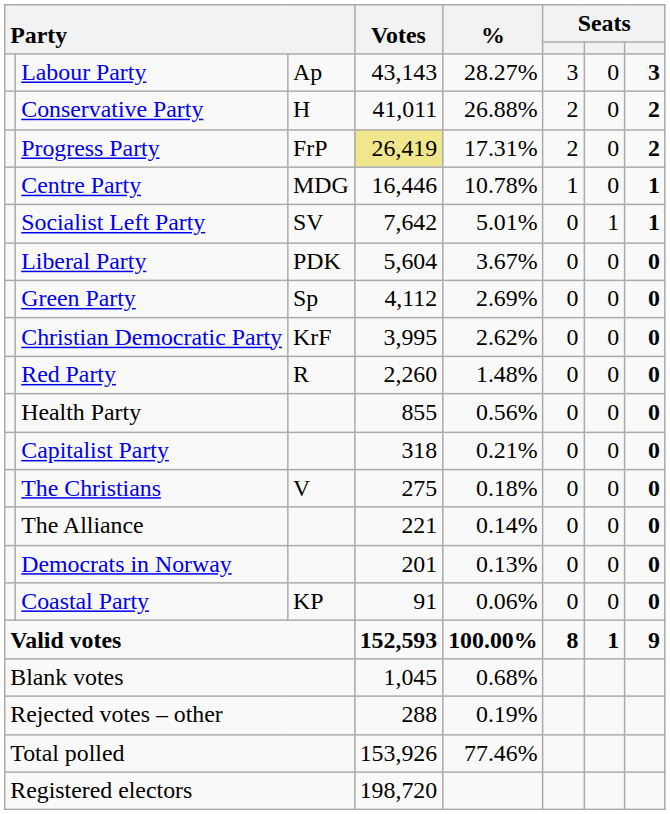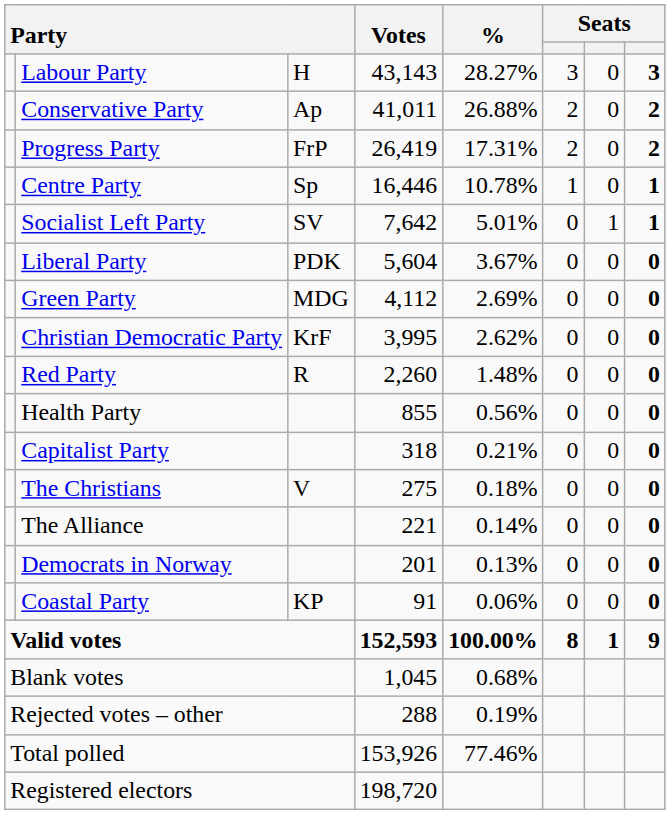 <table class="wikitable" border="1" style="text-align:right;">
 <tr>
 <th style="text-align:left;" valign=bottom rowspan=2 colspan=3>Party</th>
 <th align=center valign=bottom rowspan=2 width="50">Votes</th>
 <th align=center valign=bottom rowspan=2 width="50">%</th>
 <th colspan=3>Seats</th>
 </tr>
 <tr>
 <th align=center valign=bottom width="20"><small></small></th>
 <th align=center valign=bottom width="20"><small><a href='#'></a></small></th>
 <th align=center valign=bottom width="20"><small></small></th>
 </tr>
 <tr>
 <td style="color:inherit;background:"></td>
 <td align=left><a href='#'>Labour Party</a></td>
-<td align=left>Ap</td>
+<td align=left>H</td>
 <td>43,143</td>
 <td>28.27%</td>
 <td>3</td>
 <td>0</td>
 <td><strong>3</strong></td>
 </tr>
 <tr>
 <td style="color:inherit;background:"></td>
 <td align=left><a href='#'>Conservative Party</a></td>
-<td align=left>H</td>
+<td align=left>Ap</td>
 <td>41,011</td>
 <td>26.88%</td>
 <td>2</td>
 <td>0</td>
 <td><strong>2</strong></td>
 </tr>
 <tr>
 <td style="color:inherit;background:"></td>
 <td align=left><a href='#'>Progress Party</a></td>
 <td align=left>FrP</td>
-<td style="background: khaki;">26,419</td>
+<td>26,419</td>
 <td>17.31%</td>
 <td>2</td>
 <td>0</td>
 <td><strong>2</strong></td>
 </tr>
 <tr>
 <td style="color:inherit;background:"></td>
 <td align=left><a href='#'>Centre Party</a></td>
-<td align=left>MDG</td>
+<td align=left>Sp</td>
 <td>16,446</td>
 <td>10.78%</td>
 <td>1</td>
 <td>0</td>
 <td><strong>1</strong></td>
 </tr>
 <tr>
 <td style="color:inherit;background:"></td>
 <td align=left><a href='#'>Socialist Left Party</a></td>
 <td align=left>SV</td>
 <td>7,642</td>
 <td>5.01%</td>
 <td>0</td>
 <td>1</td>
 <td><strong>1</strong></td>
 </tr>
 <tr>
 <td style="color:inherit;background:"></td>
 <td align=left><a href='#'>Liberal Party</a></td>
 <td align=left>PDK</td>
 <td>5,604</td>
 <td>3.67%</td>
 <td>0</td>
 <td>0</td>
 <td><strong>0</strong></td>
 </tr>
 <tr>
 <td style="color:inherit;background:"></td>
 <td align=left><a href='#'>Green Party</a></td>
-<td align=left>Sp</td>
+<td align=left>MDG</td>
 <td>4,112</td>
 <td>2.69%</td>
 <td>0</td>
 <td>0</td>
 <td><strong>0</strong></td>
 </tr>
 <tr>
 <td style="color:inherit;background:"></td>
 <td align=left><a href='#'>Christian Democratic Party</a></td>
 <td align=left>KrF</td>
 <td>3,995</td>
 <td>2.62%</td>
 <td>0</td>
 <td>0</td>
 <td><strong>0</strong></td>
 </tr>
 <tr>
 <td style="color:inherit;background:"></td>
 <td align=left><a href='#'>Red Party</a></td>
 <td align=left>R</td>
 <td>2,260</td>
 <td>1.48%</td>
 <td>0</td>
 <td>0</td>
 <td><strong>0</strong></td>
 </tr>
 <tr>
 <td></td>
 <td align=left>Health Party</td>
 <td align=left></td>
 <td>855</td>
 <td>0.56%</td>
 <td>0</td>
 <td>0</td>
 <td><strong>0</strong></td>
 </tr>
 <tr>
 <td style="color:inherit;background:"></td>
 <td align=left><a href='#'>Capitalist Party</a></td>
 <td align=left></td>
 <td>318</td>
 <td>0.21%</td>
 <td>0</td>
 <td>0</td>
 <td><strong>0</strong></td>
 </tr>
 <tr>
 <td style="color:inherit;background:"></td>
 <td align=left><a href='#'>The Christians</a></td>
 <td align=left>V</td>
 <td>275</td>
 <td>0.18%</td>
 <td>0</td>
 <td>0</td>
 <td><strong>0</strong></td>
 </tr>
 <tr>
 <td></td>
 <td align=left>The Alliance</td>
 <td align=left></td>
 <td>221</td>
 <td>0.14%</td>
 <td>0</td>
 <td>0</td>
 <td><strong>0</strong></td>
 </tr>
 <tr>
 <td style="color:inherit;background:"></td>
 <td align=left><a href='#'>Democrats in Norway</a></td>
 <td align=left></td>
 <td>201</td>
 <td>0.13%</td>
 <td>0</td>
 <td>0</td>
 <td><strong>0</strong></td>
 </tr>
 <tr>
 <td style="color:inherit;background:"></td>
 <td align=left><a href='#'>Coastal Party</a></td>
 <td align=left>KP</td>
 <td>91</td>
 <td>0.06%</td>
 <td>0</td>
 <td>0</td>
 <td><strong>0</strong></td>
 </tr>
 <tr style="font-weight:bold">
 <td align=left colspan=3>Valid votes</td>
 <td>152,593</td>
 <td>100.00%</td>
 <td>8</td>
 <td>1</td>
 <td>9</td>
 </tr>
 <tr>
 <td align=left colspan=3>Blank votes</td>
 <td>1,045</td>
 <td>0.68%</td>
 <td></td>
 <td></td>
 <td></td>
 </tr>
 <tr>
 <td align=left colspan=3>Rejected votes – other</td>
 <td>288</td>
 <td>0.19%</td>
 <td></td>
 <td></td>
 <td></td>
 </tr>
 <tr>
 <td align=left colspan=3>Total polled</td>
 <td>153,926</td>
 <td>77.46%</td>
 <td></td>
 <td></td>
 <td></td>
 </tr>
 <tr>
 <td align=left colspan=3>Registered electors</td>
 <td>198,720</td>
 <td></td>
 <td></td>
 <td></td>
 <td></td>
 </tr>
 </table>
